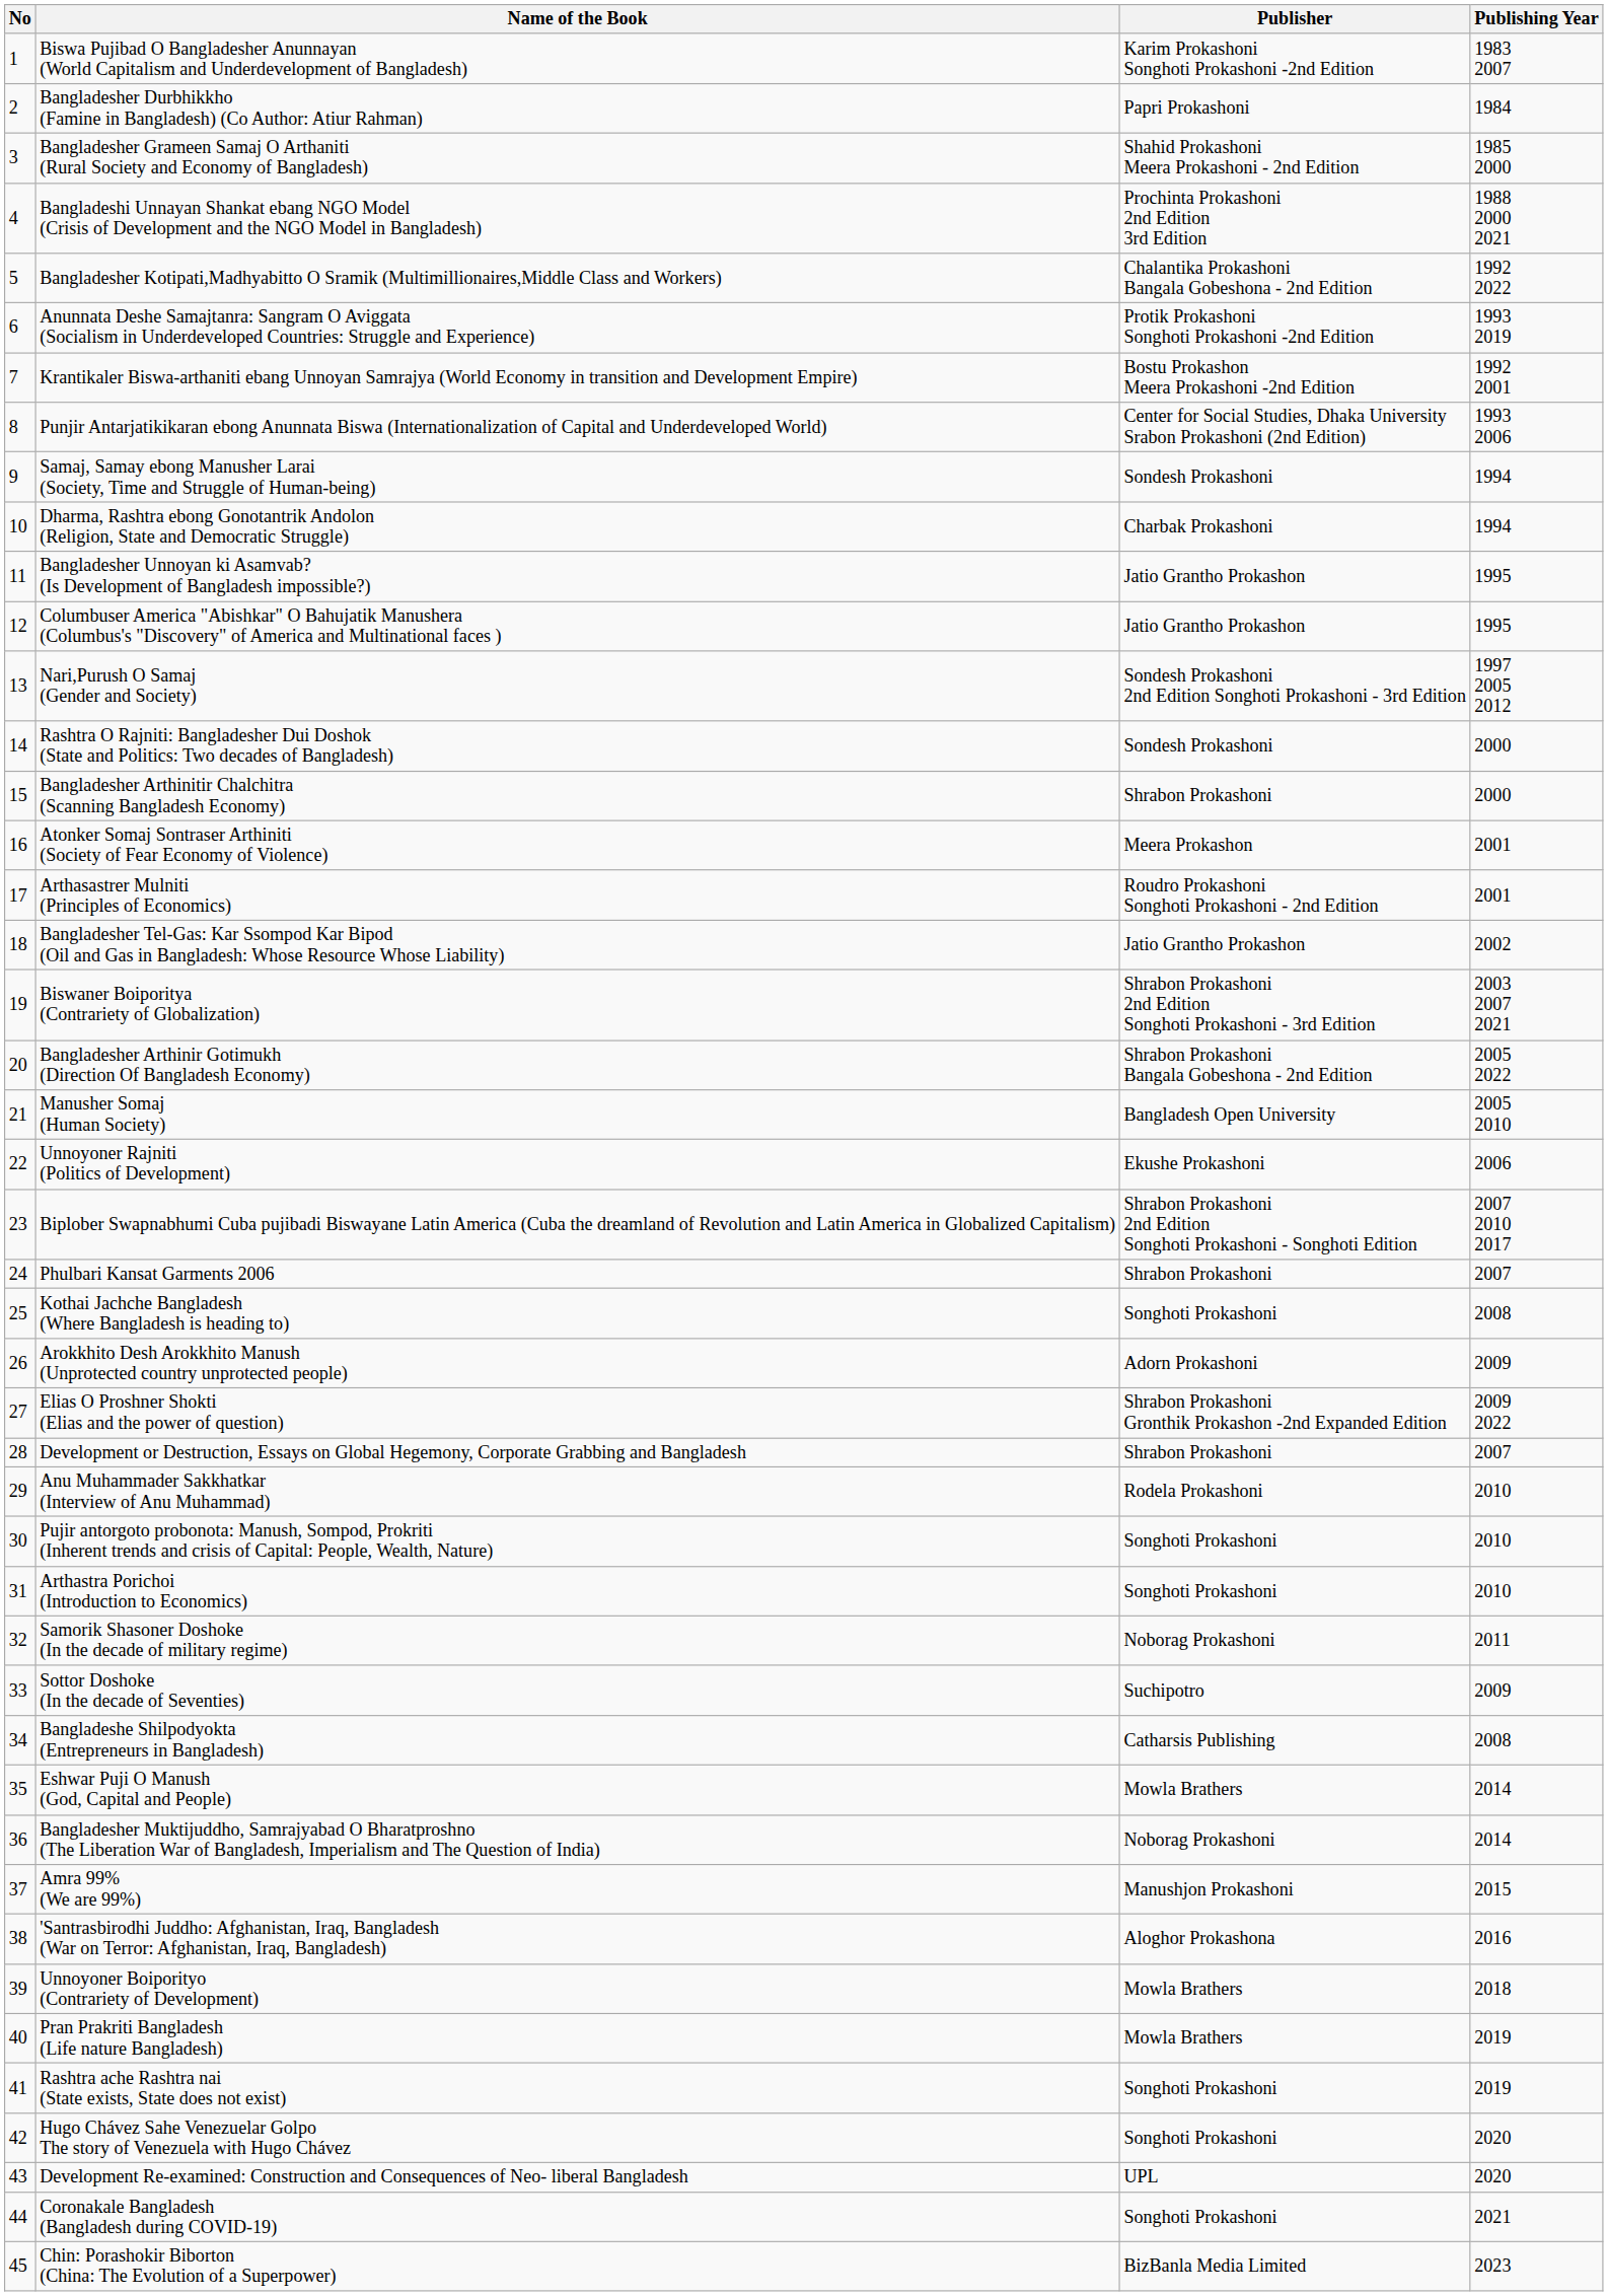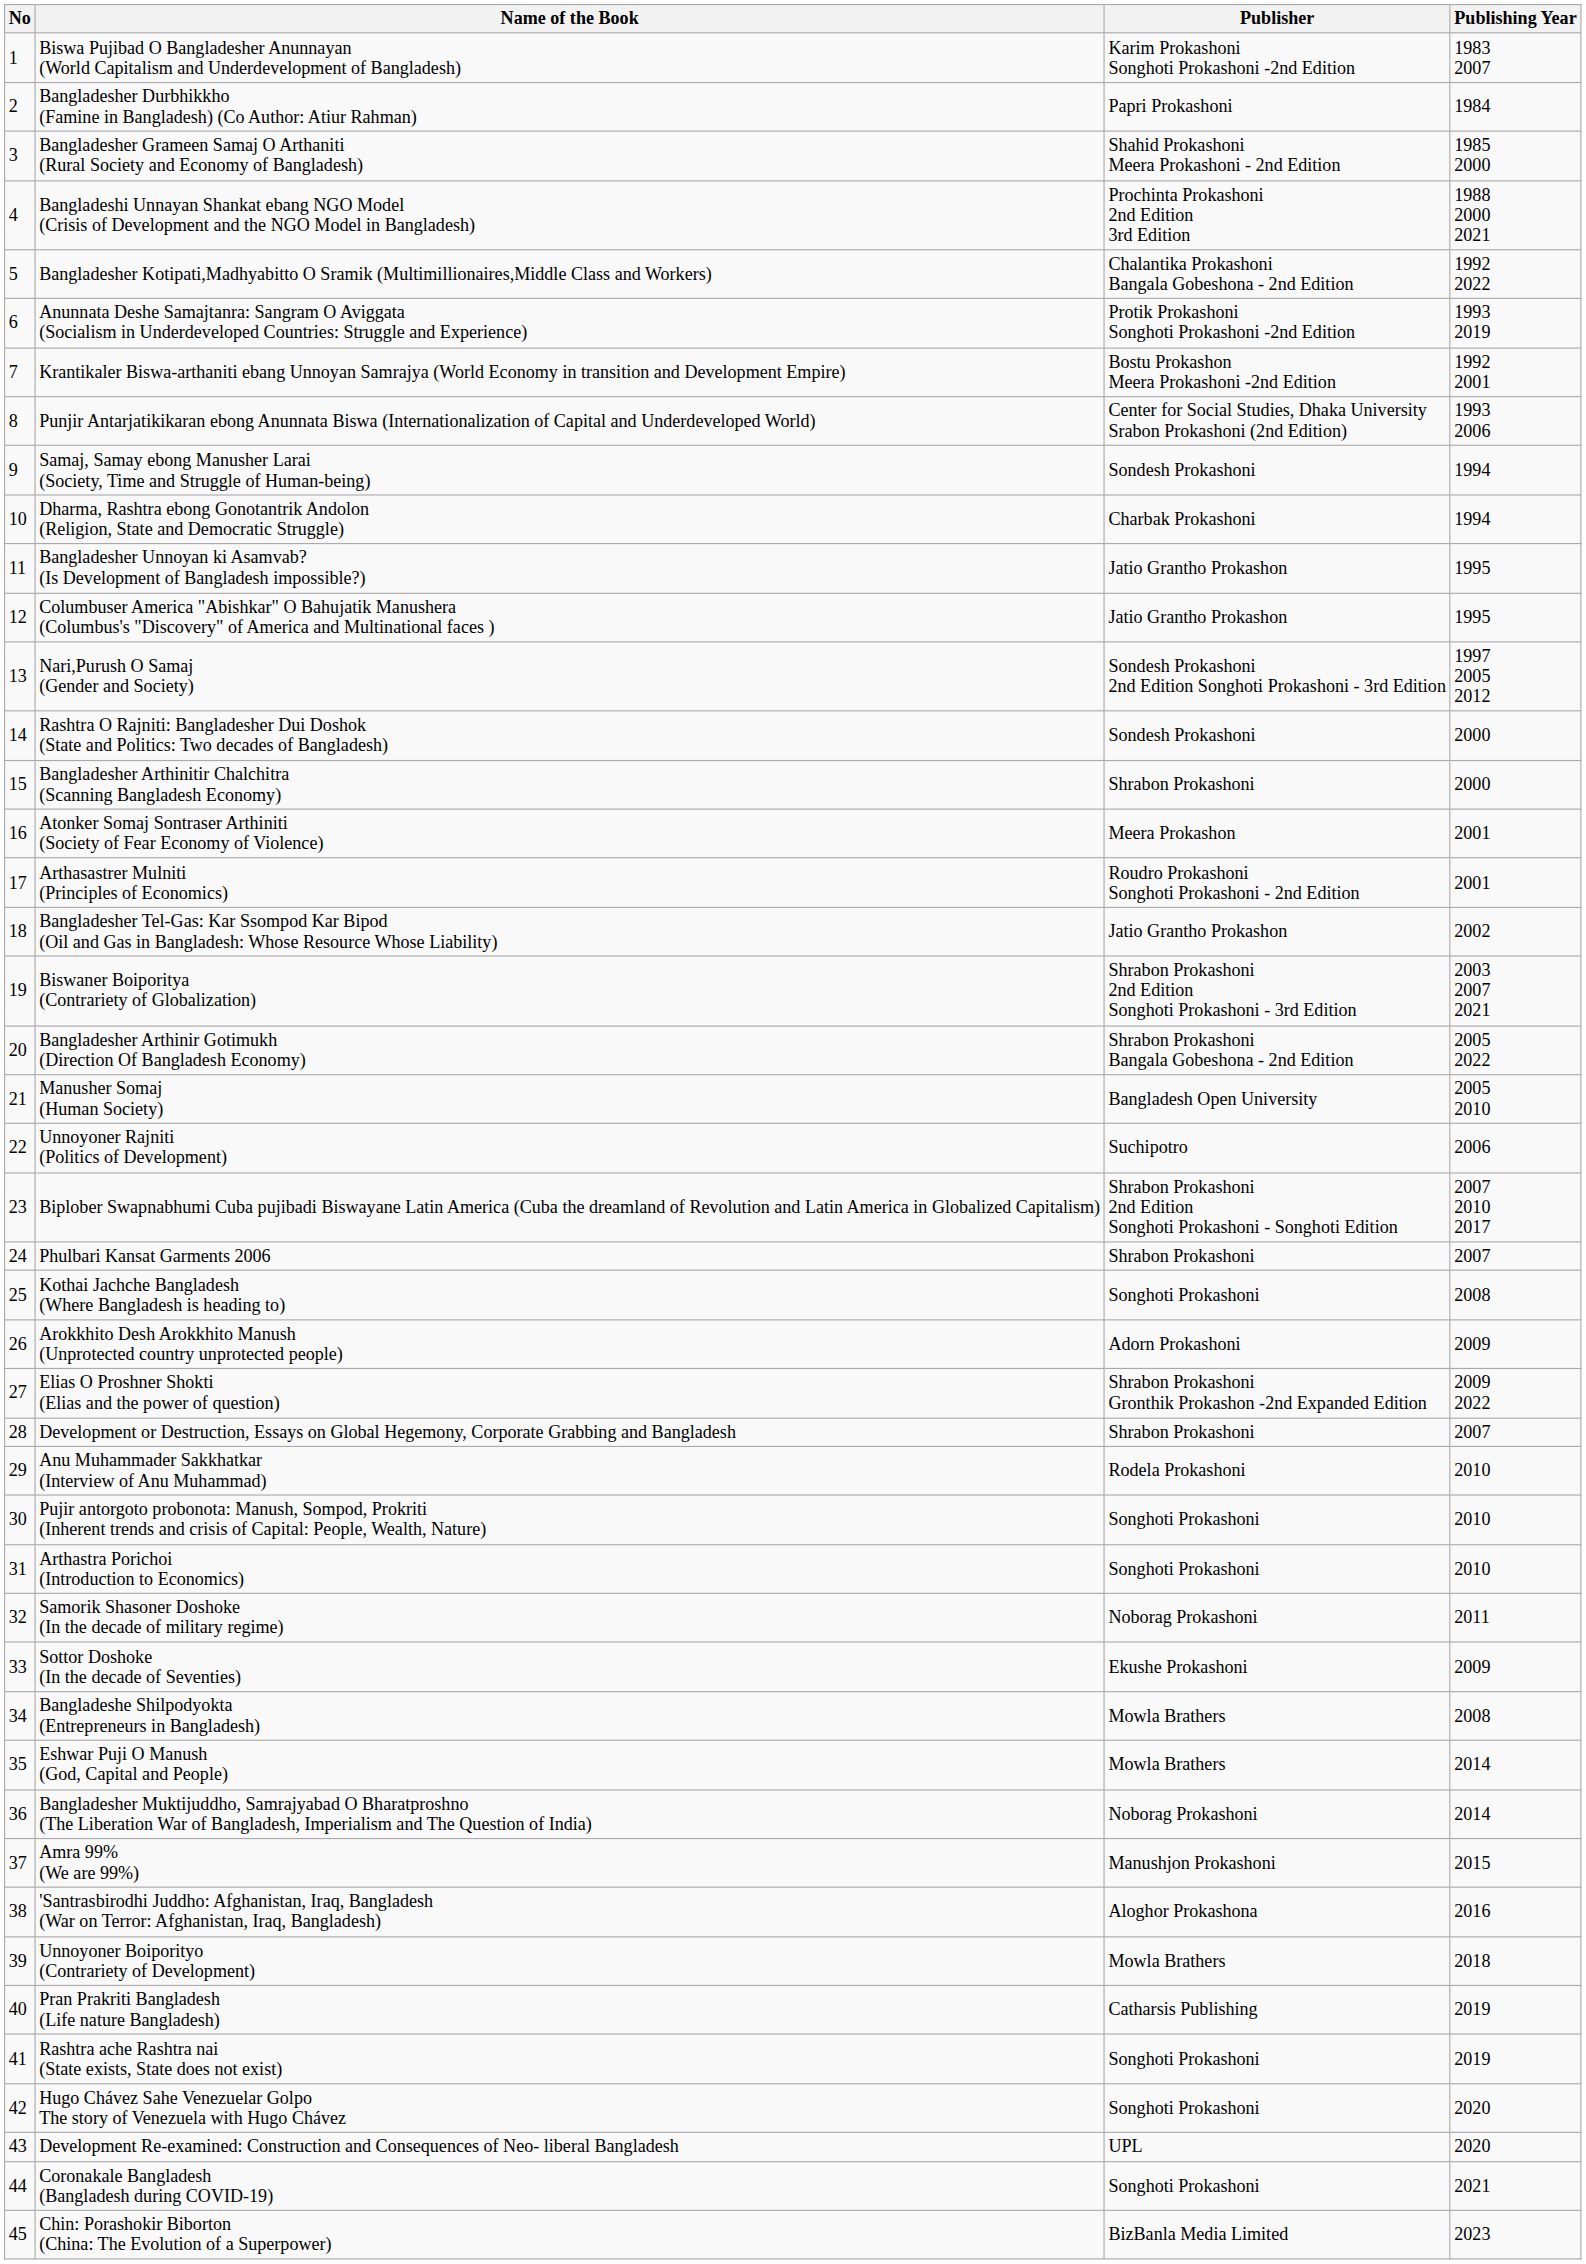 <table class="wikitable">
 <tr>
 <th>No</th>
 <th>Name of the Book</th>
 <th>Publisher</th>
 <th>Publishing Year</th>
 </tr>
 <tr>
 <td>1</td>
 <td>Biswa Pujibad O Bangladesher Anunnayan<br>(World Capitalism and Underdevelopment of Bangladesh)</td>
 <td>Karim Prokashoni<br>Songhoti Prokashoni -2nd Edition</td>
 <td>1983<br>2007</td>
 </tr>
 <tr>
 <td>2</td>
 <td>Bangladesher Durbhikkho<br>(Famine in Bangladesh) (Co Author: Atiur Rahman)</td>
 <td>Papri Prokashoni</td>
 <td>1984</td>
 </tr>
 <tr>
 <td>3</td>
 <td>Bangladesher Grameen Samaj O Arthaniti<br>(Rural Society and Economy of Bangladesh)</td>
 <td>Shahid Prokashoni<br>Meera Prokashoni - 2nd Edition</td>
 <td>1985<br>2000</td>
 </tr>
 <tr>
 <td>4</td>
 <td>Bangladeshi Unnayan Shankat ebang NGO Model<br>(Crisis of Development and the NGO Model in Bangladesh)</td>
 <td>Prochinta Prokashoni<br>2nd Edition<br>3rd Edition</td>
 <td>1988<br>2000<br>2021</td>
 </tr>
 <tr>
 <td>5</td>
 <td>Bangladesher Kotipati,Madhyabitto O Sramik (Multimillionaires,Middle Class and Workers)</td>
 <td>Chalantika Prokashoni<br>Bangala Gobeshona - 2nd Edition</td>
 <td>1992<br>2022</td>
 </tr>
 <tr>
 <td>6</td>
 <td>Anunnata Deshe Samajtanra: Sangram O Aviggata<br>(Socialism in Underdeveloped Countries: Struggle and Experience)</td>
 <td>Protik Prokashoni<br>Songhoti Prokashoni -2nd Edition</td>
 <td>1993<br>2019</td>
 </tr>
 <tr>
 <td>7</td>
 <td>Krantikaler Biswa-arthaniti ebang Unnoyan Samrajya (World Economy in transition and Development Empire)</td>
 <td>Bostu Prokashon<br>Meera Prokashoni -2nd Edition</td>
 <td>1992<br>2001</td>
 </tr>
 <tr>
 <td>8</td>
 <td>Punjir Antarjatikikaran ebong Anunnata Biswa (Internationalization of Capital and Underdeveloped World)</td>
 <td>Center for Social Studies, Dhaka University<br>Srabon Prokashoni (2nd Edition)</td>
 <td>1993<br>2006</td>
 </tr>
 <tr>
 <td>9</td>
 <td>Samaj, Samay ebong Manusher Larai<br>(Society, Time and Struggle of Human-being)</td>
 <td>Sondesh Prokashoni</td>
 <td>1994</td>
 </tr>
 <tr>
 <td>10</td>
 <td>Dharma, Rashtra ebong Gonotantrik Andolon<br>(Religion, State and Democratic Struggle)</td>
 <td>Charbak Prokashoni</td>
 <td>1994</td>
 </tr>
 <tr>
 <td>11</td>
 <td>Bangladesher Unnoyan ki Asamvab?<br>(Is Development of Bangladesh impossible?)</td>
 <td>Jatio Grantho Prokashon</td>
 <td>1995</td>
 </tr>
 <tr>
 <td>12</td>
 <td>Columbuser America "Abishkar" O Bahujatik Manushera<br>(Columbus's "Discovery" of America and Multinational faces )</td>
 <td>Jatio Grantho Prokashon</td>
 <td>1995</td>
 </tr>
 <tr>
 <td>13</td>
 <td>Nari,Purush O Samaj<br>(Gender and Society)</td>
 <td>Sondesh Prokashoni<br>2nd Edition  Songhoti Prokashoni - 3rd Edition</td>
 <td>1997<br>2005<br>2012</td>
 </tr>
 <tr>
 <td>14</td>
 <td>Rashtra O Rajniti: Bangladesher Dui Doshok<br>(State and Politics: Two decades of Bangladesh)</td>
 <td>Sondesh Prokashoni</td>
 <td>2000</td>
 </tr>
 <tr>
 <td>15</td>
 <td>Bangladesher Arthinitir Chalchitra<br>(Scanning Bangladesh Economy)</td>
 <td>Shrabon Prokashoni</td>
 <td>2000</td>
 </tr>
 <tr>
 <td>16</td>
 <td>Atonker Somaj Sontraser Arthiniti<br>(Society of Fear Economy of Violence)</td>
 <td>Meera Prokashon</td>
 <td>2001</td>
 </tr>
 <tr>
 <td>17</td>
 <td>Arthasastrer Mulniti<br>(Principles of Economics)</td>
 <td>Roudro Prokashoni<br>Songhoti Prokashoni - 2nd Edition</td>
 <td>2001</td>
 </tr>
 <tr>
 <td>18</td>
 <td>Bangladesher Tel-Gas: Kar Ssompod Kar Bipod<br>(Oil and Gas in Bangladesh: Whose Resource Whose Liability)</td>
 <td>Jatio Grantho Prokashon</td>
 <td>2002</td>
 </tr>
 <tr>
 <td>19</td>
 <td>Biswaner Boiporitya<br>(Contrariety of Globalization)</td>
 <td>Shrabon Prokashoni<br>2nd Edition<br>Songhoti Prokashoni - 3rd Edition</td>
 <td>2003<br>2007<br>2021</td>
 </tr>
 <tr>
 <td>20</td>
 <td>Bangladesher Arthinir Gotimukh<br>(Direction Of Bangladesh Economy)</td>
 <td>Shrabon Prokashoni<br>Bangala Gobeshona - 2nd Edition</td>
 <td>2005<br>2022</td>
 </tr>
 <tr>
 <td>21</td>
 <td>Manusher Somaj<br>(Human Society)</td>
 <td>Bangladesh Open University</td>
 <td>2005<br>2010</td>
 </tr>
 <tr>
 <td>22</td>
 <td>Unnoyoner Rajniti<br>(Politics of Development)</td>
-<td>Ekushe Prokashoni</td>
+<td>Suchipotro</td>
 <td>2006</td>
 </tr>
 <tr>
 <td>23</td>
 <td>Biplober Swapnabhumi Cuba pujibadi Biswayane Latin America (Cuba the dreamland of Revolution and Latin America in Globalized Capitalism)</td>
 <td>Shrabon Prokashoni<br>2nd Edition<br>Songhoti Prokashoni - Songhoti Edition</td>
 <td>2007<br>2010<br>2017</td>
 </tr>
 <tr>
 <td>24</td>
 <td>Phulbari Kansat Garments 2006</td>
 <td>Shrabon Prokashoni</td>
 <td>2007</td>
 </tr>
 <tr>
 <td>25</td>
 <td>Kothai Jachche Bangladesh<br>(Where Bangladesh is heading to)</td>
 <td>Songhoti Prokashoni</td>
 <td>2008</td>
 </tr>
 <tr>
 <td>26</td>
 <td>Arokkhito Desh Arokkhito Manush<br>(Unprotected country unprotected people)</td>
 <td>Adorn Prokashoni</td>
 <td>2009</td>
 </tr>
 <tr>
 <td>27</td>
 <td>Elias O Proshner Shokti<br>(Elias and the power of question)</td>
 <td>Shrabon Prokashoni<br>Gronthik Prokashon -2nd Expanded Edition</td>
 <td>2009<br>2022</td>
 </tr>
 <tr>
 <td>28</td>
 <td>Development or Destruction, Essays on Global Hegemony,  Corporate Grabbing and Bangladesh</td>
 <td>Shrabon Prokashoni</td>
 <td>2007</td>
 </tr>
 <tr>
 <td>29</td>
 <td>Anu Muhammader Sakkhatkar<br>(Interview of Anu Muhammad)</td>
 <td>Rodela Prokashoni</td>
 <td>2010</td>
 </tr>
 <tr>
 <td>30</td>
 <td>Pujir antorgoto probonota: Manush, Sompod, Prokriti<br>(Inherent trends and crisis of Capital: People, Wealth, Nature)</td>
 <td>Songhoti Prokashoni</td>
 <td>2010</td>
 </tr>
 <tr>
 <td>31</td>
 <td>Arthastra Porichoi<br>(Introduction to Economics)</td>
 <td>Songhoti Prokashoni</td>
 <td>2010</td>
 </tr>
 <tr>
 <td>32</td>
 <td>Samorik Shasoner Doshoke<br>(In the decade of military regime)</td>
 <td>Noborag Prokashoni</td>
 <td>2011</td>
 </tr>
 <tr>
 <td>33</td>
 <td>Sottor Doshoke<br>(In the decade of Seventies)</td>
-<td>Suchipotro</td>
+<td>Ekushe Prokashoni</td>
 <td>2009</td>
 </tr>
 <tr>
 <td>34</td>
 <td>Bangladeshe Shilpodyokta<br>(Entrepreneurs in Bangladesh)</td>
-<td>Catharsis Publishing</td>
+<td>Mowla Brathers</td>
 <td>2008</td>
 </tr>
 <tr>
 <td>35</td>
 <td>Eshwar Puji O Manush<br>(God, Capital and People)</td>
 <td>Mowla Brathers</td>
 <td>2014</td>
 </tr>
 <tr>
 <td>36</td>
 <td>Bangladesher Muktijuddho, Samrajyabad O Bharatproshno<br>(The Liberation War of Bangladesh, Imperialism and The Question of India)</td>
 <td>Noborag Prokashoni</td>
 <td>2014</td>
 </tr>
 <tr>
 <td>37</td>
 <td>Amra 99%<br>(We are 99%)</td>
 <td>Manushjon Prokashoni</td>
 <td>2015</td>
 </tr>
 <tr>
 <td>38</td>
 <td>'Santrasbirodhi Juddho: Afghanistan, Iraq, Bangladesh<br>(War on Terror: Afghanistan, Iraq, Bangladesh)</td>
 <td>Aloghor Prokashona</td>
 <td>2016</td>
 </tr>
 <tr>
 <td>39</td>
 <td>Unnoyoner Boiporityo<br>(Contrariety of Development)</td>
 <td>Mowla Brathers</td>
 <td>2018</td>
 </tr>
 <tr>
 <td>40</td>
 <td>Pran Prakriti Bangladesh<br>(Life nature Bangladesh)</td>
-<td>Mowla Brathers</td>
+<td>Catharsis Publishing</td>
 <td>2019</td>
 </tr>
 <tr>
 <td>41</td>
 <td>Rashtra ache Rashtra nai<br>(State exists, State does not exist)</td>
 <td>Songhoti Prokashoni</td>
 <td>2019</td>
 </tr>
 <tr>
 <td>42</td>
 <td>Hugo Chávez Sahe Venezuelar Golpo<br>The story of Venezuela with Hugo Chávez</td>
 <td>Songhoti Prokashoni</td>
 <td>2020</td>
 </tr>
 <tr>
 <td>43</td>
 <td>Development Re-examined: Construction and Consequences of  Neo- liberal Bangladesh</td>
 <td>UPL</td>
 <td>2020</td>
 </tr>
 <tr>
 <td>44</td>
 <td>Coronakale Bangladesh<br>(Bangladesh during COVID-19)</td>
 <td>Songhoti Prokashoni</td>
 <td>2021</td>
 </tr>
 <tr>
 <td>45</td>
 <td>Chin: Porashokir Biborton<br>(China: The Evolution of a Superpower)</td>
 <td>BizBanla Media Limited</td>
 <td>2023</td>
 </tr>
 </table>
